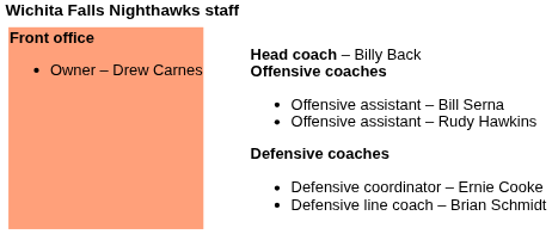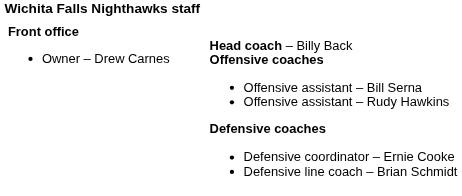 <table class="toccolours" style="text-align: left;">
 <tr>
 <th colspan="7"><strong>Wichita Falls Nighthawks staff</strong></th>
 </tr>
 <tr>
 <td colspan="7" style="text-align:right;"></td>
 </tr>
 <tr>
 <td valign="top"></td>
-<td style="background: lightsalmon; font-size:95%; vertical-align:top;"><strong>Front office</strong><br><ul><li>Owner – Drew Carnes</li></ul></td>
+<td style="font-size:95%; vertical-align:top;"><strong>Front office</strong><br><ul><li>Owner – Drew Carnes</li></ul></td>
 <td width="35"> </td>
 <td valign="top"></td>
 <td style="font-size:95%; vertical-align:top;"><br><strong>Head coach</strong> – Billy Back<br><strong>Offensive coaches</strong><ul><li>Offensive assistant – Bill Serna</li><li>Offensive assistant – Rudy Hawkins</li></ul><strong>Defensive coaches</strong><ul><li>Defensive coordinator – Ernie Cooke</li><li>Defensive line coach – Brian Schmidt</li></ul></td>
 </tr>
 </table>
